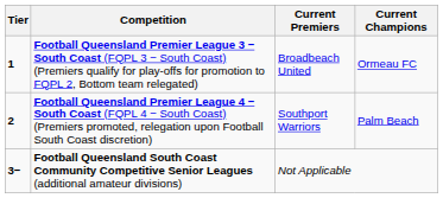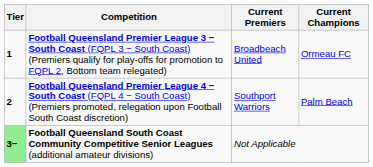 <table class="wikitable">
 <tr>
 <th>Tier</th>
 <th>Competition</th>
 <th>Current Premiers</th>
 <th>Current Champions</th>
 </tr>
 <tr>
 <td><strong>1</strong></td>
 <td><a href='#'><strong>Football Queensland Premier League 3 − South Coast</strong> (FQPL 3 − South Coast)</a><br>(Premiers qualify for play-offs for promotion to <a href='#'>FQPL 2</a>, Bottom team relegated)</td>
 <td><a href='#'>Broadbeach United</a></td>
 <td><a href='#'>Ormeau FC</a></td>
 </tr>
 <tr>
 <td><strong>2</strong></td>
 <td><a href='#'><strong>Football Queensland Premier League 4 − South Coast</strong> (FQPL 4 − South Coast)</a><br>(Premiers promoted, relegation upon Football South Coast discretion)</td>
 <td><a href='#'>Southport Warriors</a></td>
 <td><a href='#'> Palm Beach</a></td>
 </tr>
 <tr>
-<td><strong>3−</strong></td>
+<td style="background: lightgreen;"><strong>3−</strong></td>
 <td><strong>Football Queensland South Coast Community Competitive Senior Leagues</strong> (additional amateur divisions)</td>
 <td colspan="2"><em>Not Applicable</em></td>
 </tr>
 </table>
